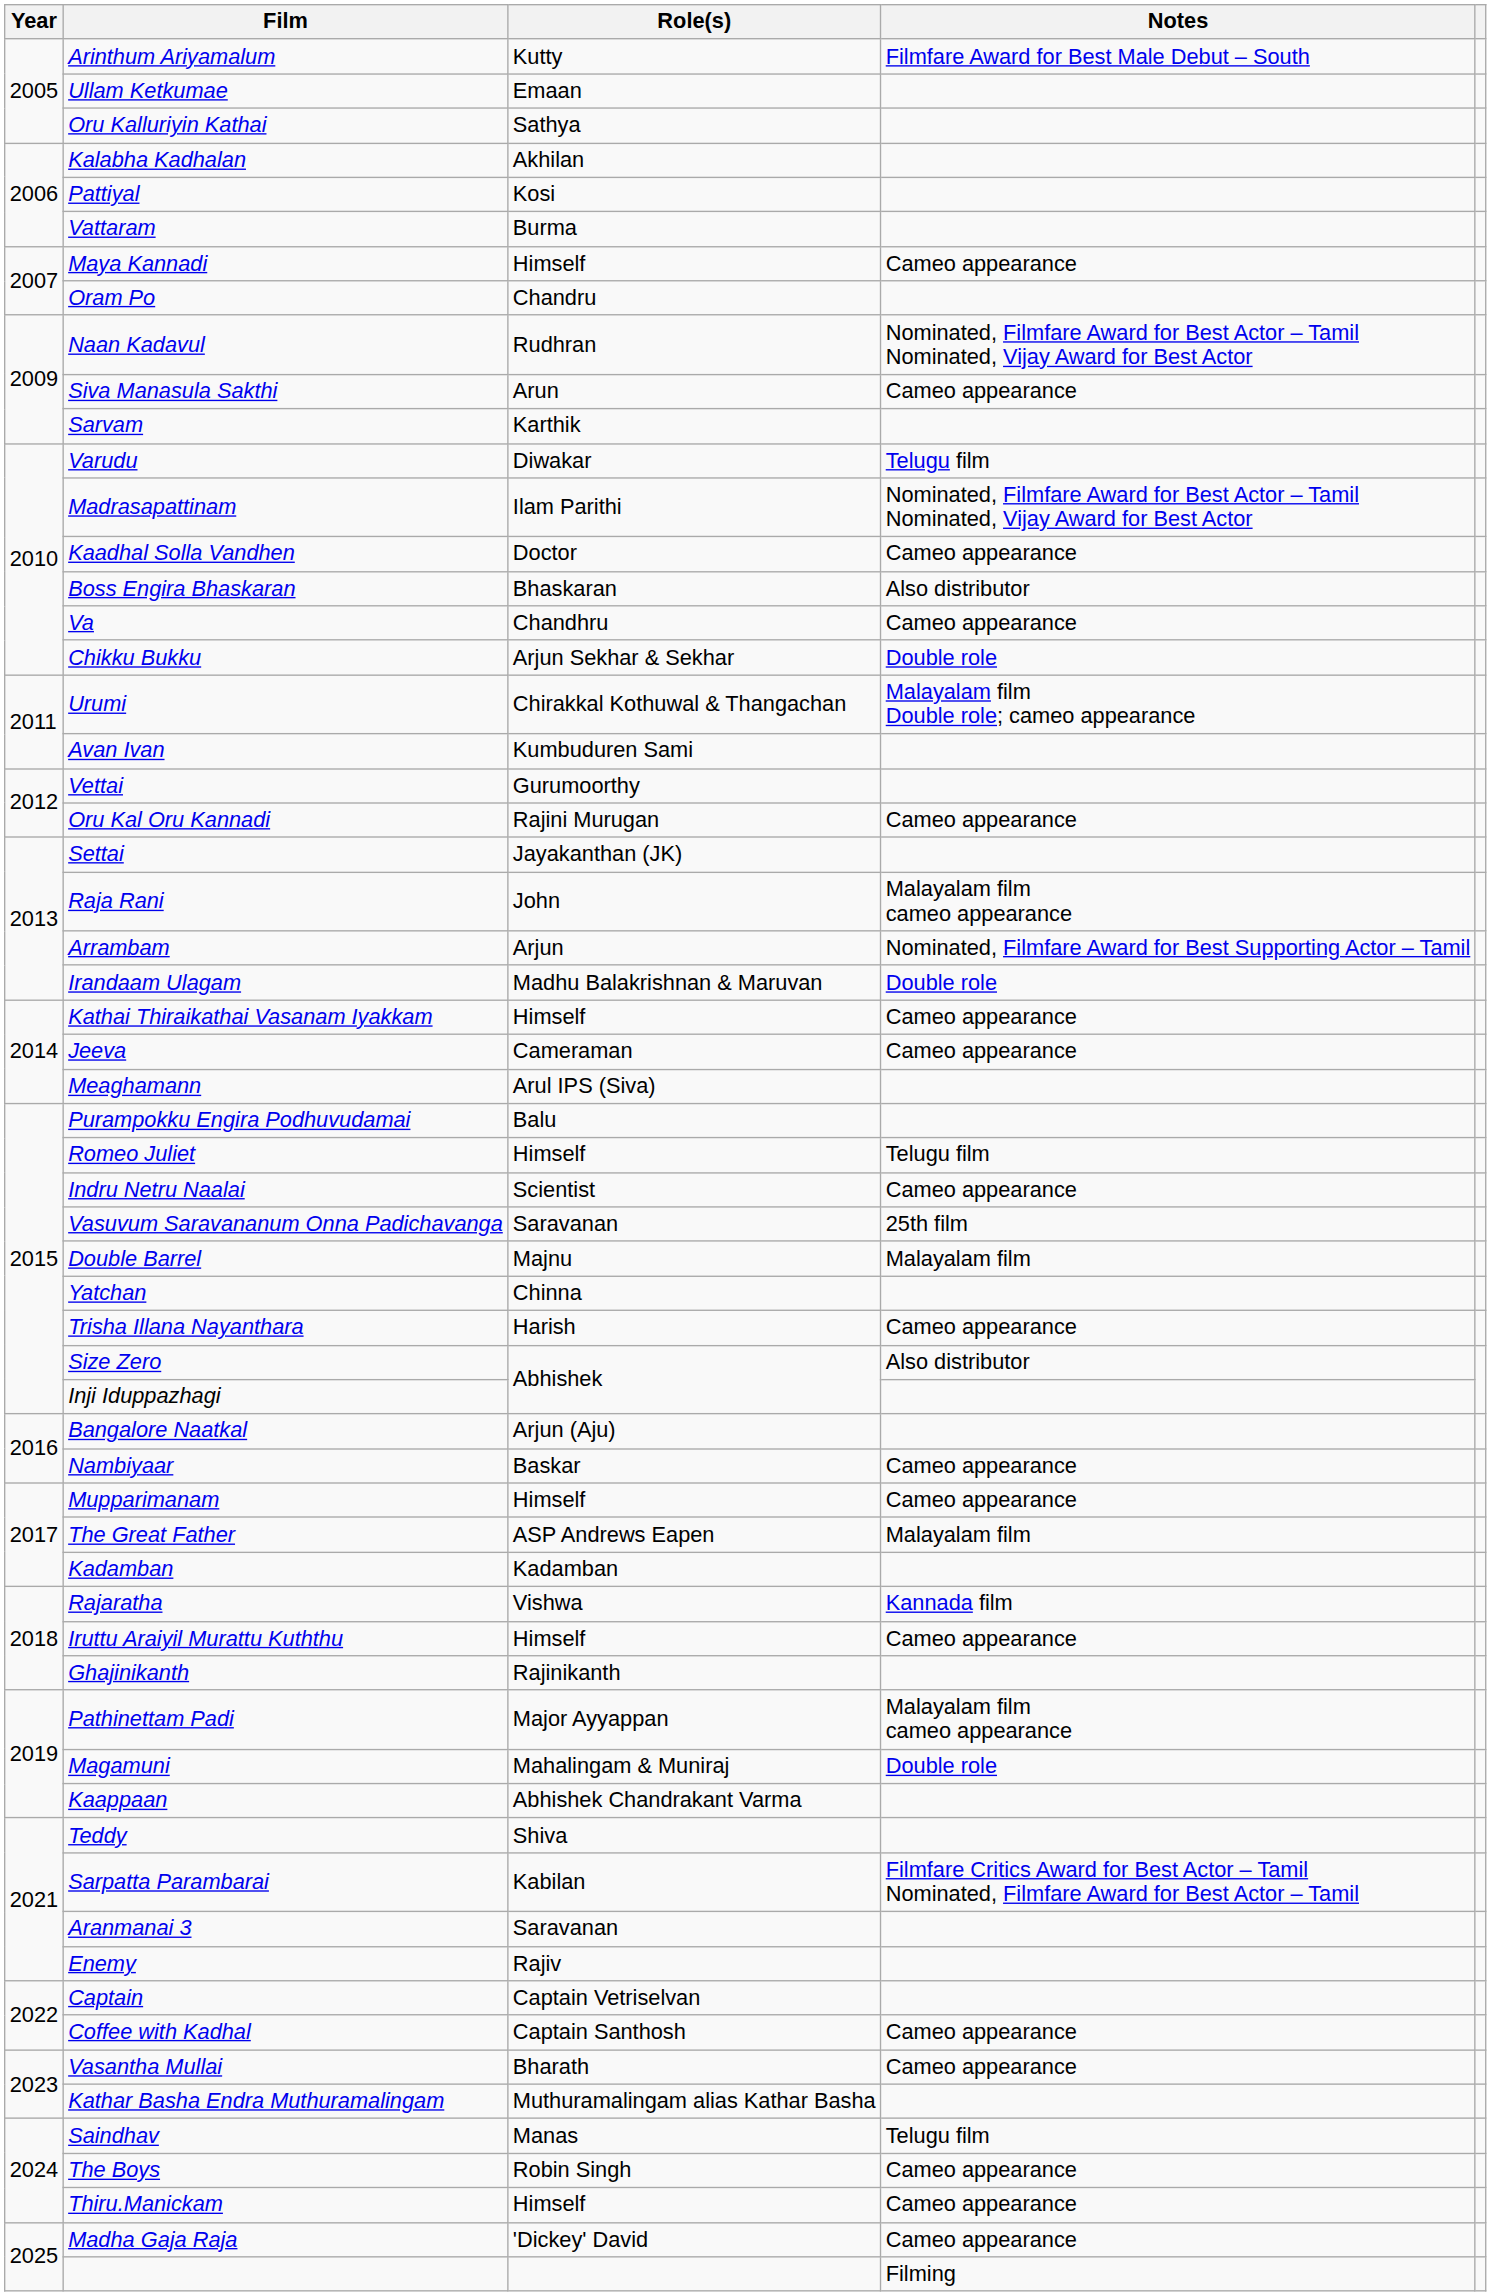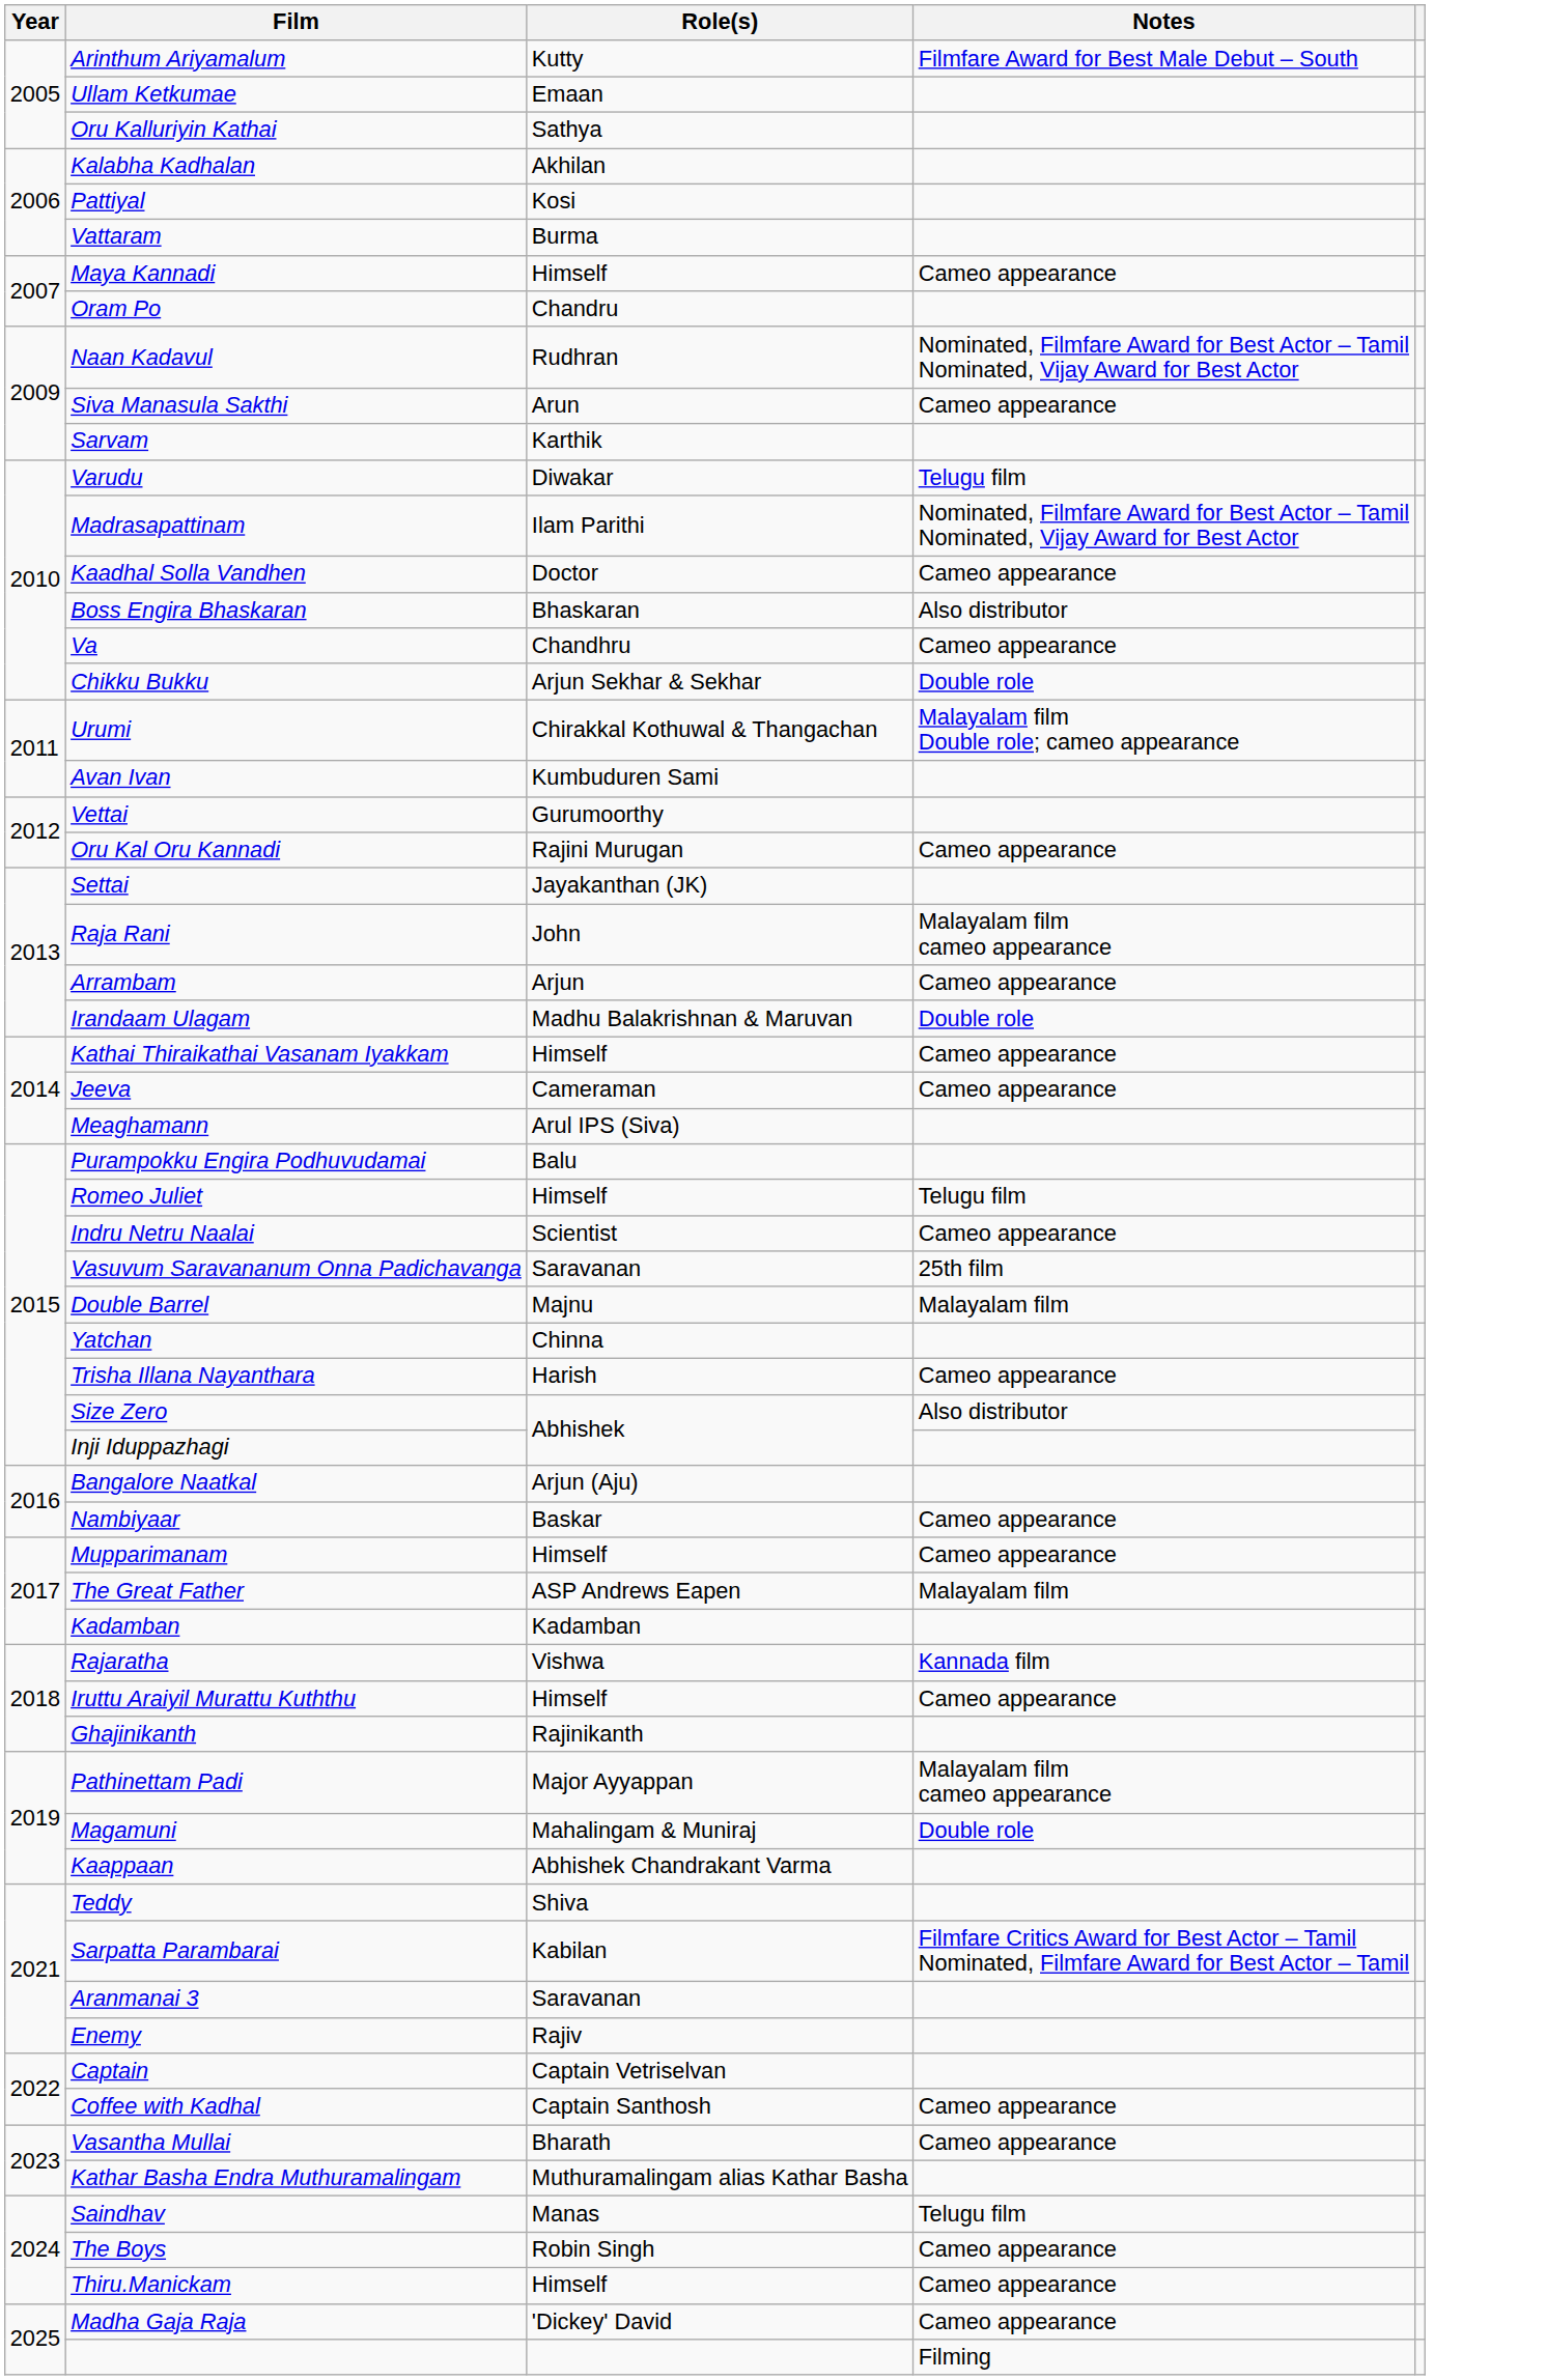 <table class="wikitable sortable">
 <tr>
 <th scope="col">Year</th>
 <th scope="col">Film</th>
 <th scope="col">Role(s)</th>
 <th scope="col" class="unsortable">Notes</th>
 <th scope="col" class="unsortable"></th>
 </tr>
 <tr>
 <td rowspan="3">2005</td>
 <td><em><a href='#'>Arinthum Ariyamalum</a></em></td>
 <td>Kutty</td>
 <td><a href='#'>Filmfare Award for Best Male Debut – South</a></td>
 <td></td>
 </tr>
 <tr>
 <td><em><a href='#'>Ullam Ketkumae</a></em></td>
 <td>Emaan</td>
 <td></td>
 <td></td>
 </tr>
 <tr>
 <td><em><a href='#'>Oru Kalluriyin Kathai</a></em></td>
 <td>Sathya</td>
 <td></td>
 <td></td>
 </tr>
 <tr>
 <td rowspan="3">2006</td>
 <td><em><a href='#'>Kalabha Kadhalan</a></em></td>
 <td>Akhilan</td>
 <td></td>
 <td></td>
 </tr>
 <tr>
 <td><em><a href='#'>Pattiyal</a></em></td>
 <td>Kosi</td>
 <td></td>
 <td></td>
 </tr>
 <tr>
 <td><em><a href='#'>Vattaram</a></em></td>
 <td>Burma</td>
 <td></td>
 <td></td>
 </tr>
 <tr>
 <td rowspan="2">2007</td>
 <td><em><a href='#'>Maya Kannadi</a></em></td>
 <td>Himself</td>
 <td>Cameo appearance</td>
 <td></td>
 </tr>
 <tr>
 <td><em><a href='#'>Oram Po</a></em></td>
 <td>Chandru</td>
 <td></td>
 <td></td>
 </tr>
 <tr>
 <td rowspan="3">2009</td>
 <td><em><a href='#'>Naan Kadavul</a></em></td>
 <td>Rudhran</td>
 <td>Nominated, <a href='#'>Filmfare Award for Best Actor – Tamil</a><br>Nominated, <a href='#'>Vijay Award for Best Actor</a></td>
 <td></td>
 </tr>
 <tr>
 <td><em><a href='#'>Siva Manasula Sakthi</a></em></td>
 <td>Arun</td>
 <td>Cameo appearance</td>
 <td></td>
 </tr>
 <tr>
 <td><em><a href='#'>Sarvam</a></em></td>
 <td>Karthik</td>
 <td></td>
 <td></td>
 </tr>
 <tr>
 <td rowspan="6">2010</td>
 <td><em><a href='#'>Varudu</a></em></td>
 <td>Diwakar</td>
 <td><a href='#'>Telugu</a> film</td>
 <td></td>
 </tr>
 <tr>
 <td><em><a href='#'>Madrasapattinam</a></em></td>
 <td>Ilam Parithi</td>
 <td>Nominated, <a href='#'>Filmfare Award for Best Actor – Tamil</a><br>Nominated, <a href='#'>Vijay Award for Best Actor</a></td>
 <td></td>
 </tr>
 <tr>
 <td><em><a href='#'>Kaadhal Solla Vandhen</a></em></td>
 <td>Doctor</td>
 <td>Cameo appearance</td>
 <td></td>
 </tr>
 <tr>
 <td><em><a href='#'>Boss Engira Bhaskaran</a></em></td>
 <td>Bhaskaran</td>
 <td>Also distributor</td>
 <td></td>
 </tr>
 <tr>
 <td><em><a href='#'>Va</a></em></td>
 <td>Chandhru</td>
 <td>Cameo appearance</td>
 <td></td>
 </tr>
 <tr>
 <td><em><a href='#'>Chikku Bukku</a></em></td>
 <td>Arjun Sekhar & Sekhar</td>
 <td><a href='#'>Double role</a></td>
 <td></td>
 </tr>
 <tr>
 <td rowspan="2">2011</td>
 <td><em><a href='#'>Urumi</a></em></td>
 <td>Chirakkal Kothuwal & Thangachan</td>
 <td><a href='#'>Malayalam</a> film<br><a href='#'>Double role</a>; cameo appearance</td>
 <td></td>
 </tr>
 <tr>
 <td><em><a href='#'>Avan Ivan</a></em></td>
 <td>Kumbuduren Sami</td>
 <td></td>
 <td></td>
 </tr>
 <tr>
 <td rowspan="2">2012</td>
 <td><em><a href='#'>Vettai</a></em></td>
 <td>Gurumoorthy</td>
 <td></td>
 <td></td>
 </tr>
 <tr>
 <td><em><a href='#'>Oru Kal Oru Kannadi</a></em></td>
 <td>Rajini Murugan</td>
 <td>Cameo appearance</td>
 <td></td>
 </tr>
 <tr>
 <td rowspan="4">2013</td>
 <td><em><a href='#'>Settai</a></em></td>
 <td>Jayakanthan (JK)</td>
 <td></td>
 <td></td>
 </tr>
 <tr>
 <td><em><a href='#'>Raja Rani</a></em></td>
 <td>John</td>
 <td>Malayalam film<br>cameo appearance</td>
 <td></td>
 </tr>
 <tr>
 <td><em><a href='#'>Arrambam</a></em></td>
 <td>Arjun</td>
-<td>Nominated, <a href='#'>Filmfare Award for Best Supporting Actor – Tamil</a></td>
+<td>Cameo appearance</td>
 <td></td>
 </tr>
 <tr>
 <td><em><a href='#'>Irandaam Ulagam</a></em></td>
 <td>Madhu Balakrishnan & Maruvan</td>
 <td><a href='#'>Double role</a></td>
 <td></td>
 </tr>
 <tr>
 <td rowspan="3">2014</td>
 <td><em><a href='#'>Kathai Thiraikathai Vasanam Iyakkam</a></em></td>
 <td>Himself</td>
 <td>Cameo appearance</td>
 <td></td>
 </tr>
 <tr>
 <td><em><a href='#'>Jeeva</a></em></td>
 <td>Cameraman</td>
 <td>Cameo appearance</td>
 <td></td>
 </tr>
 <tr>
 <td><em><a href='#'>Meaghamann</a></em></td>
 <td>Arul IPS (Siva)</td>
 <td></td>
 <td></td>
 </tr>
 <tr>
 <td rowspan="9">2015</td>
 <td><em><a href='#'>Purampokku Engira Podhuvudamai</a></em></td>
 <td>Balu</td>
 <td></td>
 <td></td>
 </tr>
 <tr>
 <td><em><a href='#'>Romeo Juliet</a></em></td>
 <td>Himself</td>
 <td>Telugu film</td>
 <td></td>
 </tr>
 <tr>
 <td><em><a href='#'>Indru Netru Naalai</a></em></td>
 <td>Scientist</td>
 <td>Cameo appearance</td>
 <td></td>
 </tr>
 <tr>
 <td><em><a href='#'>Vasuvum Saravananum Onna Padichavanga</a></em></td>
 <td>Saravanan</td>
 <td>25th film</td>
 <td></td>
 </tr>
 <tr>
 <td><em><a href='#'>Double Barrel</a></em></td>
 <td>Majnu</td>
 <td>Malayalam film</td>
 <td></td>
 </tr>
 <tr>
 <td><em><a href='#'>Yatchan</a></em></td>
 <td>Chinna</td>
 <td></td>
 <td></td>
 </tr>
 <tr>
 <td><em><a href='#'>Trisha Illana Nayanthara</a></em></td>
 <td>Harish</td>
 <td>Cameo appearance</td>
 <td></td>
 </tr>
 <tr>
 <td><em><a href='#'>Size Zero</a></em></td>
 <td rowspan="2">Abhishek</td>
 <td>Also distributor</td>
 <td rowspan="2"></td>
 </tr>
 <tr>
 <td><em>Inji Iduppazhagi</em></td>
 <td></td>
 </tr>
 <tr>
 <td rowspan="2">2016</td>
 <td><em><a href='#'>Bangalore Naatkal</a></em></td>
 <td>Arjun (Aju)</td>
 <td></td>
 <td></td>
 </tr>
 <tr>
 <td><em><a href='#'>Nambiyaar</a></em></td>
 <td>Baskar</td>
 <td>Cameo appearance</td>
 <td></td>
 </tr>
 <tr>
 <td rowspan="3">2017</td>
 <td><em><a href='#'>Mupparimanam</a></em></td>
 <td>Himself</td>
 <td>Cameo appearance</td>
 <td></td>
 </tr>
 <tr>
 <td><em><a href='#'>The Great Father</a></em></td>
 <td>ASP Andrews Eapen</td>
 <td>Malayalam film</td>
 <td></td>
 </tr>
 <tr>
 <td><em><a href='#'>Kadamban</a></em></td>
 <td>Kadamban</td>
 <td></td>
 <td></td>
 </tr>
 <tr>
 <td rowspan="3">2018</td>
 <td><em><a href='#'>Rajaratha</a></em></td>
 <td>Vishwa</td>
 <td><a href='#'>Kannada</a> film</td>
 <td></td>
 </tr>
 <tr>
 <td><em><a href='#'>Iruttu Araiyil Murattu Kuththu</a></em></td>
 <td>Himself</td>
 <td>Cameo appearance</td>
 <td></td>
 </tr>
 <tr>
 <td><em><a href='#'>Ghajinikanth</a></em></td>
 <td>Rajinikanth</td>
 <td></td>
 <td></td>
 </tr>
 <tr>
 <td rowspan="3">2019</td>
 <td><em><a href='#'>Pathinettam Padi</a></em></td>
 <td>Major Ayyappan</td>
 <td>Malayalam film<br>cameo appearance</td>
 <td></td>
 </tr>
 <tr>
 <td><em><a href='#'>Magamuni</a></em></td>
 <td>Mahalingam & Muniraj</td>
 <td><a href='#'>Double role</a></td>
 <td></td>
 </tr>
 <tr>
 <td><em><a href='#'>Kaappaan</a></em></td>
 <td>Abhishek Chandrakant Varma</td>
 <td></td>
 <td></td>
 </tr>
 <tr>
 <td rowspan="4">2021</td>
 <td><em><a href='#'>Teddy</a></em></td>
 <td>Shiva</td>
 <td></td>
 <td></td>
 </tr>
 <tr>
 <td><em><a href='#'>Sarpatta Parambarai</a></em></td>
 <td>Kabilan</td>
 <td><a href='#'>Filmfare Critics Award for Best Actor – Tamil</a><br> Nominated, <a href='#'>Filmfare Award for Best Actor – Tamil</a></td>
 <td></td>
 </tr>
 <tr>
 <td><em><a href='#'>Aranmanai 3</a></em></td>
 <td>Saravanan</td>
 <td></td>
 <td></td>
 </tr>
 <tr>
 <td><em><a href='#'>Enemy</a></em></td>
 <td>Rajiv</td>
 <td></td>
 <td></td>
 </tr>
 <tr>
 <td rowspan="2">2022</td>
 <td><em><a href='#'>Captain</a></em></td>
 <td>Captain Vetriselvan</td>
 <td></td>
 <td></td>
 </tr>
 <tr>
 <td><em><a href='#'>Coffee with Kadhal</a></em></td>
 <td>Captain Santhosh</td>
 <td>Cameo appearance</td>
 <td></td>
 </tr>
 <tr>
 <td rowspan="2">2023</td>
 <td><em><a href='#'>Vasantha Mullai</a></em></td>
 <td>Bharath</td>
 <td>Cameo appearance</td>
 <td><br>   </td>
 </tr>
 <tr>
 <td><em><a href='#'>Kathar Basha Endra Muthuramalingam</a></em></td>
 <td>Muthuramalingam alias Kathar Basha</td>
 <td></td>
 <td></td>
 </tr>
 <tr>
 <td rowspan="3">2024</td>
 <td><em><a href='#'>Saindhav</a></em></td>
 <td>Manas</td>
 <td>Telugu film</td>
 <td></td>
 </tr>
 <tr>
 <td><em><a href='#'>The Boys</a></em></td>
 <td>Robin Singh</td>
 <td>Cameo appearance</td>
 <td></td>
 </tr>
 <tr>
 <td><em><a href='#'>Thiru.Manickam</a></em></td>
 <td>Himself</td>
 <td>Cameo appearance</td>
 <td></td>
 </tr>
 <tr>
 <td rowspan="2">2025</td>
 <td><em><a href='#'>Madha Gaja Raja</a></em></td>
 <td>'Dickey' David</td>
 <td>Cameo appearance</td>
 <td></td>
 </tr>
 <tr>
 <td></td>
 <td></td>
 <td>Filming</td>
 <td></td>
 </tr>
 </table>
